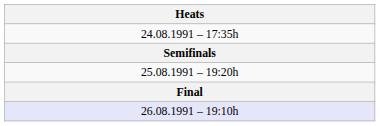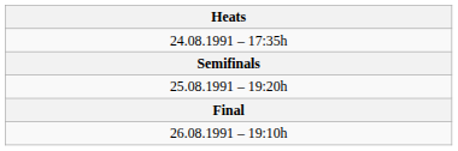 <table class="wikitable" style=" text-align:center; font-size:110%;" width="35%">
 <tr>
 <th>Heats</th>
 </tr>
 <tr>
 <td>24.08.1991 – 17:35h</td>
 </tr>
 <tr>
 <th>Semifinals</th>
 </tr>
 <tr>
 <td>25.08.1991 – 19:20h</td>
 </tr>
 <tr>
 <th>Final</th>
 </tr>
 <tr>
-<td style="background: lavender;">26.08.1991 – 19:10h</td>
+<td>26.08.1991 – 19:10h</td>
 </tr>
 </table>
